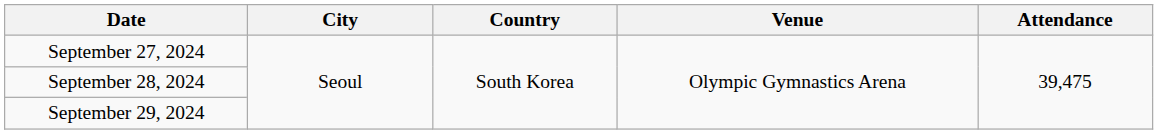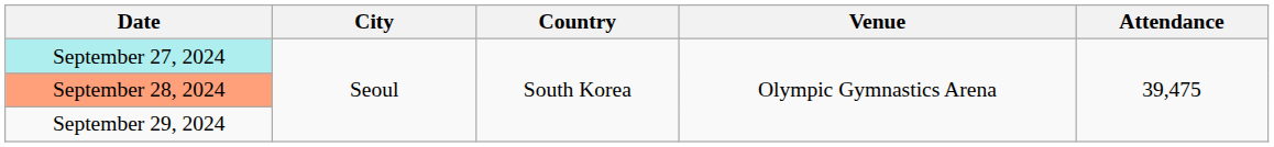 <table class="wikitable" style="text-align:center;">
 <tr>
 <th scope="col" style="width:12em;">Date</th>
 <th scope="col" style="width:9em;">City</th>
 <th scope="col" style="width:9em;">Country</th>
 <th scope="col" style="width:18em;">Venue</th>
 <th scope="col" style="width:8.5em;">Attendance</th>
 </tr>
 <tr>
-<td>September 27, 2024</td>
+<td style="background: paleturquoise;">September 27, 2024</td>
 <td rowspan="3">Seoul</td>
 <td rowspan="3">South Korea</td>
 <td rowspan="3">Olympic Gymnastics Arena</td>
 <td rowspan="3">39,475</td>
 </tr>
 <tr>
-<td>September 28, 2024</td>
+<td style="background: lightsalmon;">September 28, 2024</td>
 </tr>
 <tr>
 <td>September 29, 2024</td>
 </tr>
 </table>
